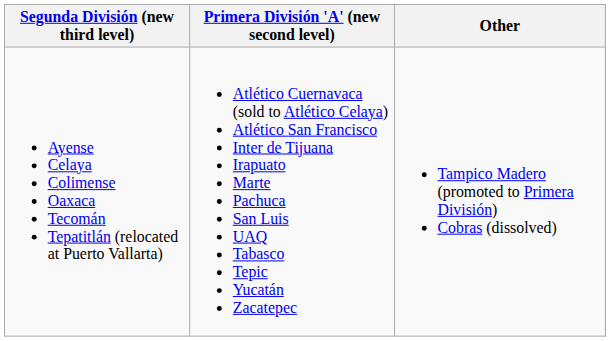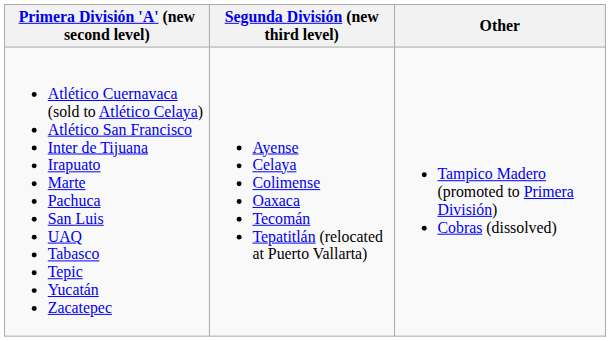 <table class="wikitable">
 <tr>
+<th><a href='#'>Primera División 'A'</a> (new second level)</th>
 <th><a href='#'>Segunda División</a> (new third level)</th>
-<th><a href='#'>Primera División 'A'</a> (new second level)</th>
 <th>Other</th>
 </tr>
 <tr>
+<td><br><ul><li><a href='#'>Atlético Cuernavaca</a> (sold to <a href='#'>Atlético Celaya</a>)</li><li><a href='#'>Atlético San Francisco</a></li><li><a href='#'>Inter de Tijuana</a></li><li><a href='#'>Irapuato</a></li><li><a href='#'>Marte</a></li><li><a href='#'>Pachuca</a></li><li><a href='#'>San Luis</a></li><li><a href='#'>UAQ</a></li><li><a href='#'>Tabasco</a></li><li><a href='#'>Tepic</a></li><li><a href='#'>Yucatán</a></li><li><a href='#'>Zacatepec</a></li></ul></td>
 <td><br><ul><li><a href='#'>Ayense</a></li><li><a href='#'>Celaya</a></li><li><a href='#'>Colimense</a></li><li><a href='#'>Oaxaca</a></li><li><a href='#'>Tecomán</a></li><li><a href='#'>Tepatitlán</a> (relocated at Puerto Vallarta)</li></ul></td>
-<td><br><ul><li><a href='#'>Atlético Cuernavaca</a> (sold to <a href='#'>Atlético Celaya</a>)</li><li><a href='#'>Atlético San Francisco</a></li><li><a href='#'>Inter de Tijuana</a></li><li><a href='#'>Irapuato</a></li><li><a href='#'>Marte</a></li><li><a href='#'>Pachuca</a></li><li><a href='#'>San Luis</a></li><li><a href='#'>UAQ</a></li><li><a href='#'>Tabasco</a></li><li><a href='#'>Tepic</a></li><li><a href='#'>Yucatán</a></li><li><a href='#'>Zacatepec</a></li></ul></td>
 <td><br><ul><li><a href='#'>Tampico Madero</a> (promoted to <a href='#'>Primera División</a>)</li><li><a href='#'>Cobras</a> (dissolved)</li></ul></td>
 </tr>
 </table>
